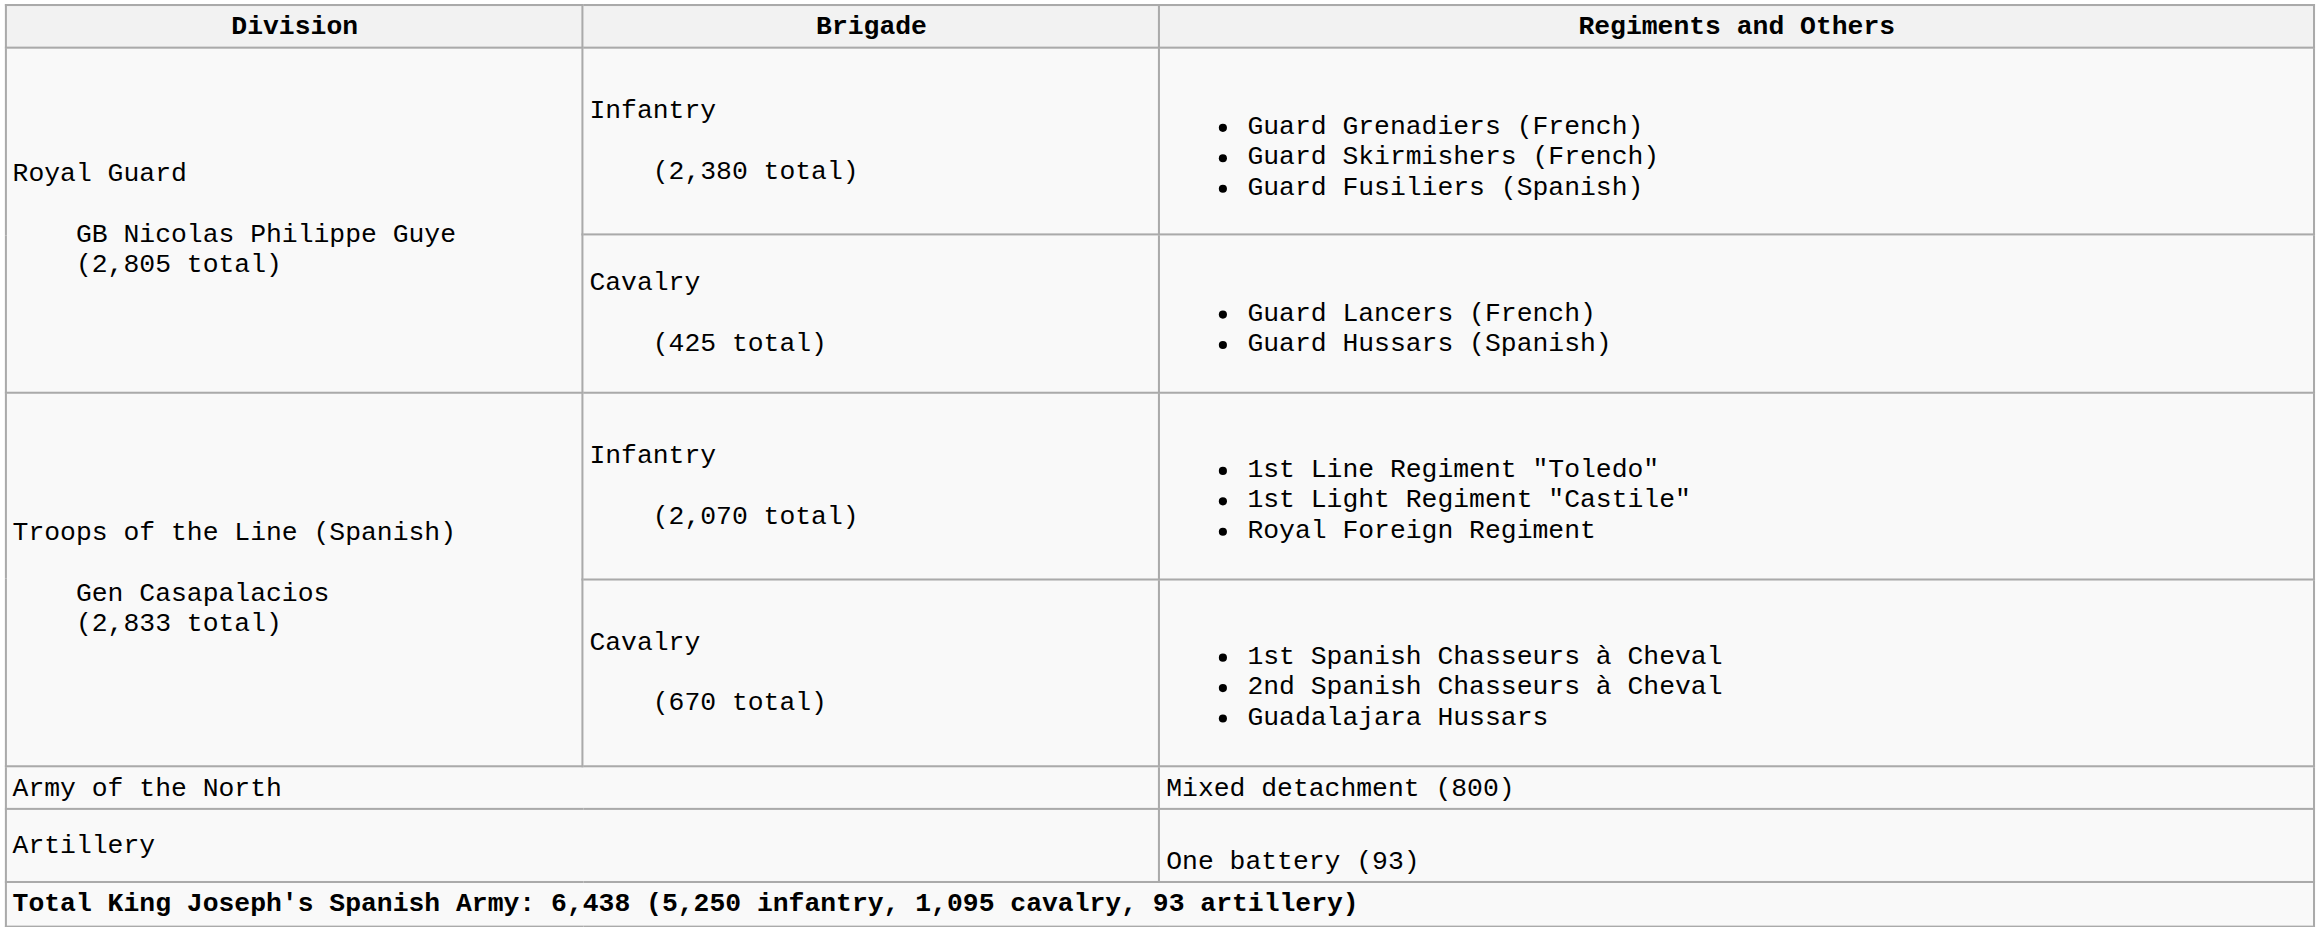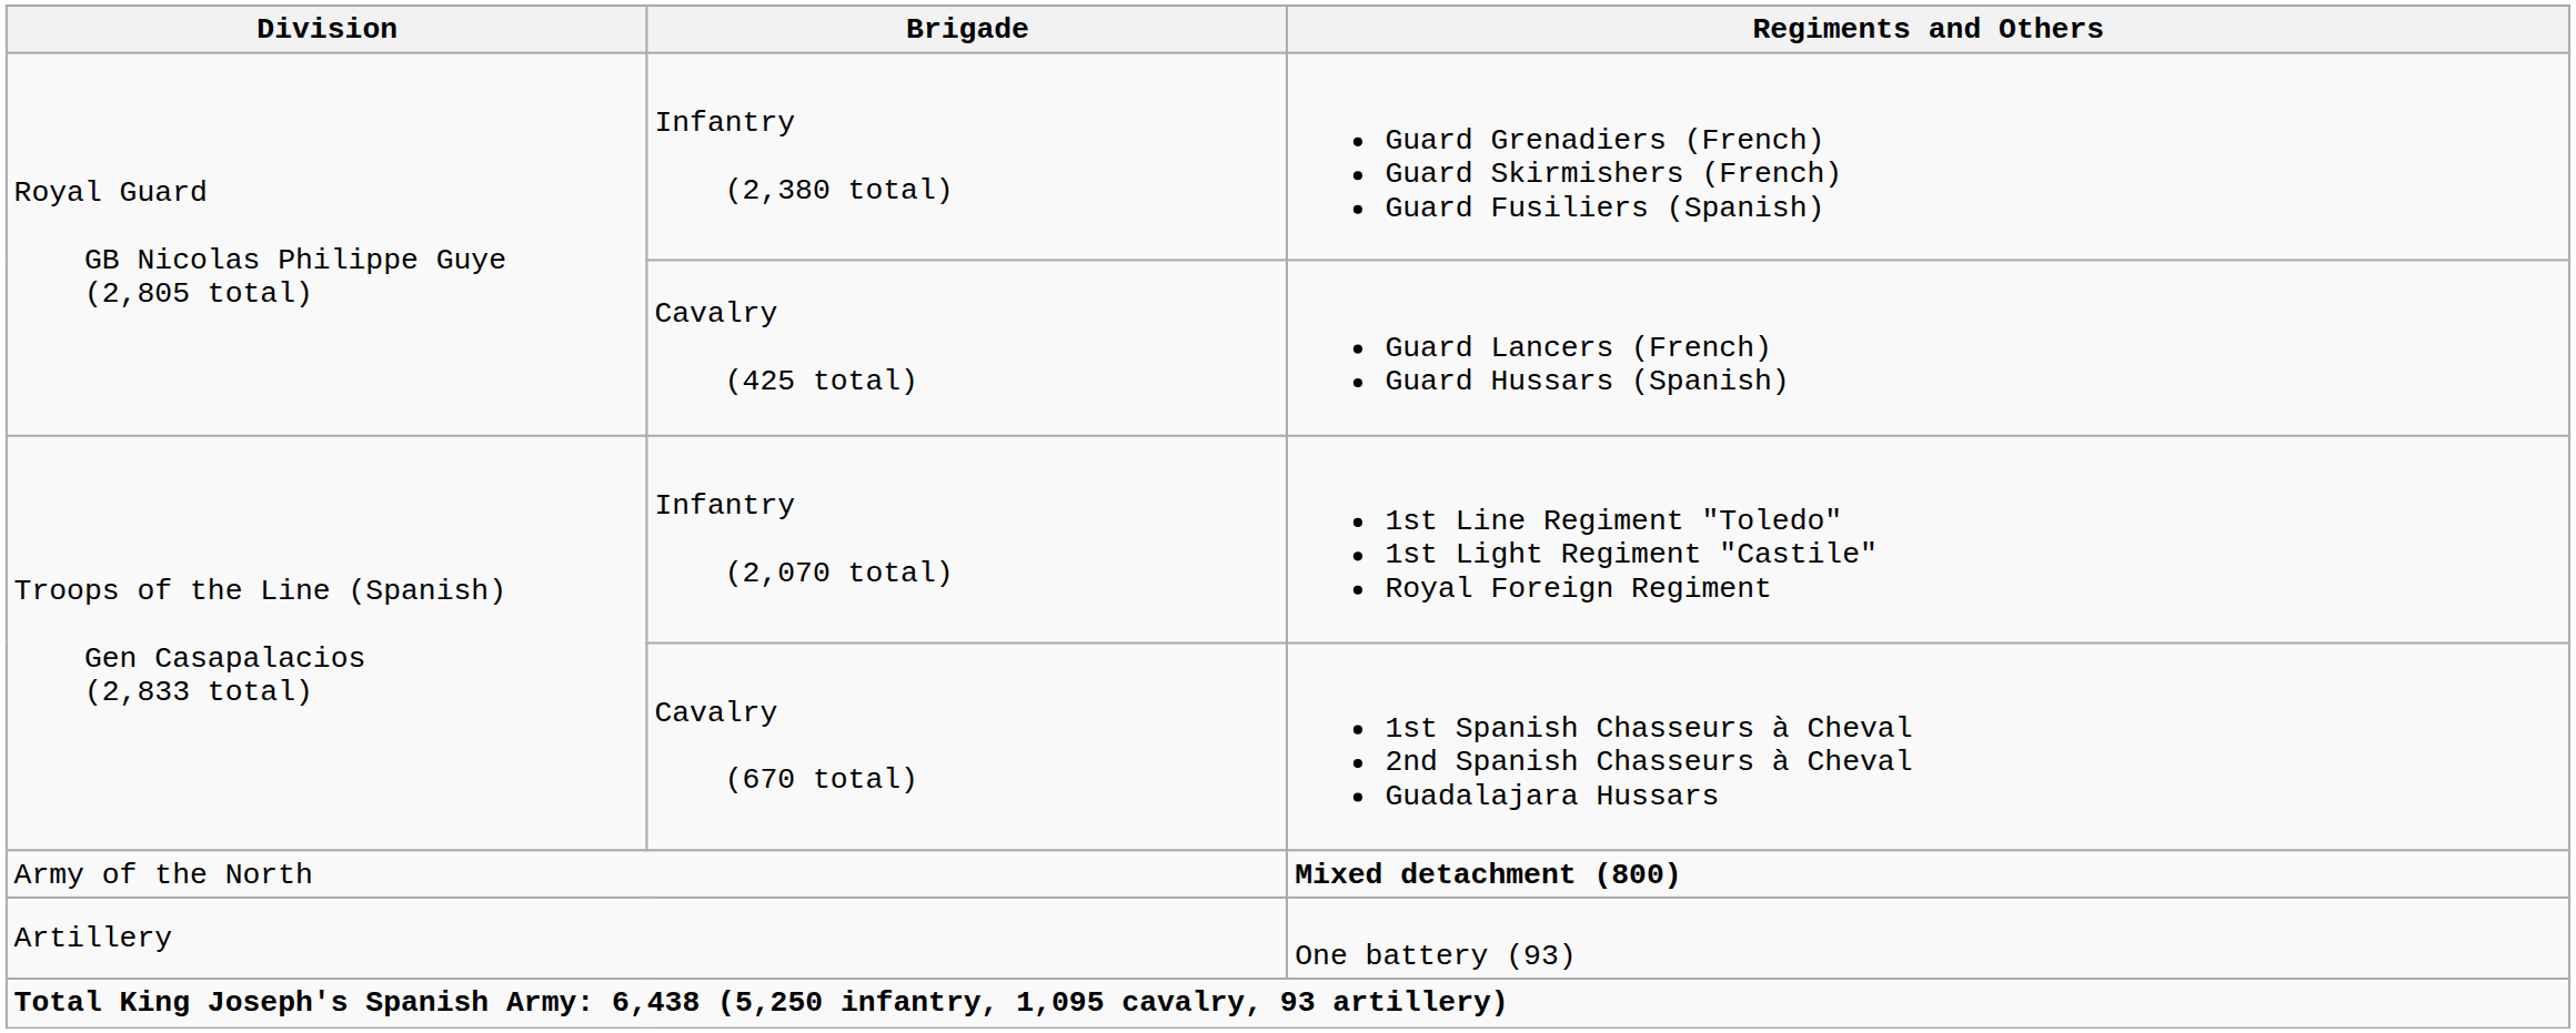 <table class="wikitable" width="90%" style="margin: 1em auto 1em auto">
 <tr>
 <th style="width:25%;">Division</th>
 <th style="width:25%;">Brigade</th>
 <th>Regiments and Others</th>
 </tr>
 <tr>
 <td rowspan=2>Royal Guard<br><br>    GB Nicolas Philippe Guye <br>    (2,805 total)</td>
 <td>Infantry<br><br>    (2,380 total)</td>
 <td><br><ul><li>Guard Grenadiers (French)</li><li>Guard Skirmishers (French)</li><li>Guard Fusiliers (Spanish)</li></ul></td>
 </tr>
 <tr>
 <td>Cavalry<br><br>    (425 total)</td>
 <td><br><ul><li>Guard Lancers (French)</li><li>Guard Hussars (Spanish)</li></ul></td>
 </tr>
 <tr>
 <td rowspan=2>Troops of the Line (Spanish)<br><br>    Gen Casapalacios <br>    (2,833 total)</td>
 <td>Infantry<br><br>    (2,070 total)</td>
 <td><br><ul><li>1st Line Regiment "Toledo"</li><li>1st Light Regiment "Castile"</li><li>Royal Foreign Regiment</li></ul></td>
 </tr>
 <tr>
 <td>Cavalry<br><br>    (670 total)</td>
 <td><br><ul><li>1st Spanish Chasseurs à Cheval</li><li>2nd Spanish Chasseurs à Cheval</li><li>Guadalajara Hussars</li></ul></td>
 </tr>
 <tr>
 <td colspan=2>Army of the North</td>
-<td>Mixed detachment (800)</td>
+<td><strong>Mixed detachment (800)</strong></td>
 </tr>
 <tr>
 <td colspan=2>Artillery</td>
 <td><br>One battery (93)</td>
 </tr>
 <tr>
 <td colspan=3><strong>Total King Joseph's Spanish Army: 6,438 (5,250 infantry, 1,095 cavalry, 93 artillery)</strong></td>
 </tr>
 </table>
